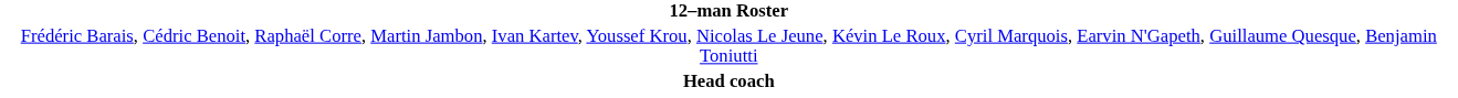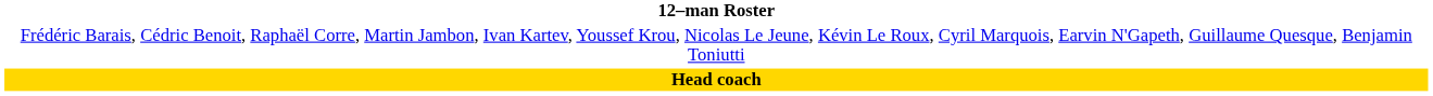 <table style="text-align: center; margin-top: 2em; margin-left: auto; margin-right: auto">
 <tr>
 <td><strong>12–man Roster</strong></td>
 </tr>
 <tr>
 <td><a href='#'>Frédéric Barais</a>, <a href='#'>Cédric Benoit</a>, <a href='#'>Raphaël Corre</a>, <a href='#'>Martin Jambon</a>, <a href='#'>Ivan Kartev</a>, <a href='#'>Youssef Krou</a>, <a href='#'>Nicolas Le Jeune</a>, <a href='#'>Kévin Le Roux</a>, <a href='#'>Cyril Marquois</a>, <a href='#'>Earvin N'Gapeth</a>, <a href='#'>Guillaume Quesque</a>, <a href='#'>Benjamin Toniutti</a></td>
 </tr>
 <tr>
-<td><strong>Head coach</strong></td>
+<td style="background: gold;"><strong>Head coach</strong></td>
 </tr>
 <tr>
 <td></td>
 </tr>
 </table>
